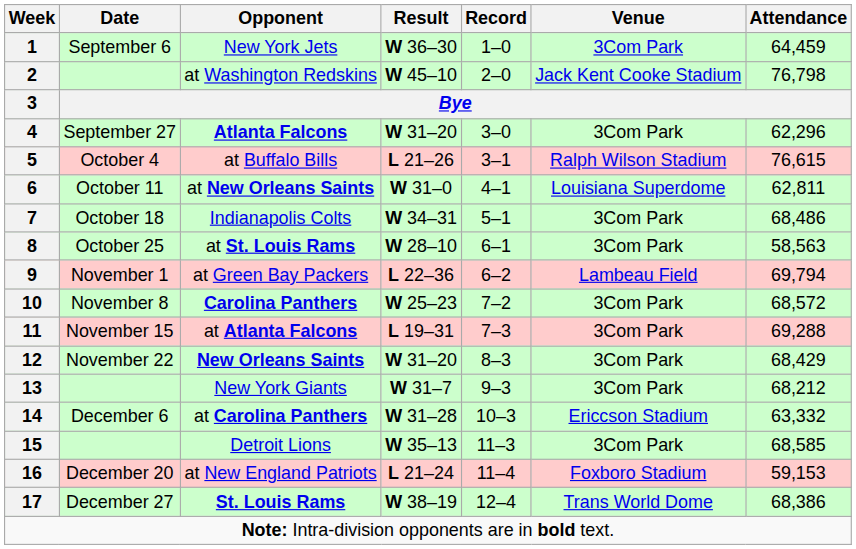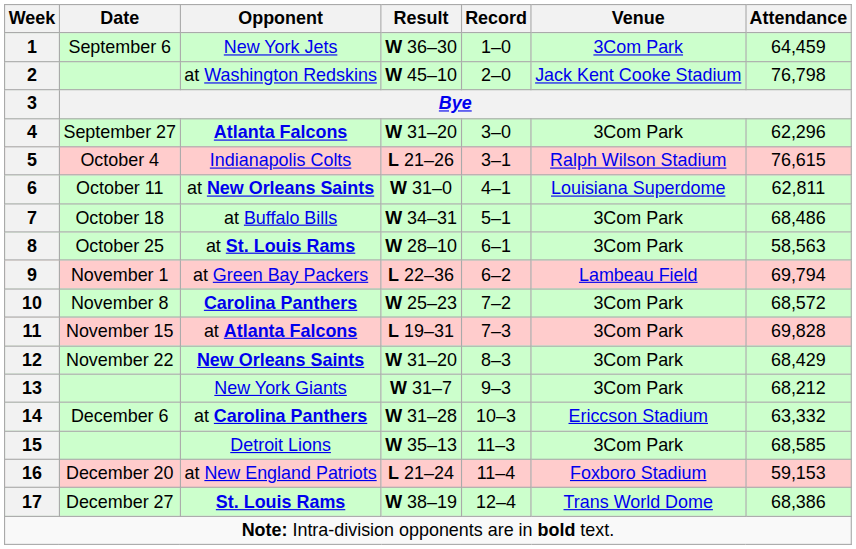 <table class="wikitable" style="text-align:center">
 <tr>
 <th>Week</th>
 <th>Date</th>
 <th>Opponent</th>
 <th>Result</th>
 <th>Record</th>
 <th>Venue</th>
 <th>Attendance</th>
 </tr>
 <tr style="background:#cfc">
 <th>1</th>
 <td>September 6</td>
 <td><a href='#'>New York Jets</a></td>
 <td><strong>W</strong> 36–30 </td>
 <td>1–0</td>
 <td><a href='#'>3Com Park</a></td>
 <td>64,459</td>
 </tr>
 <tr style="background:#cfc">
 <th>2</th>
 <td></td>
 <td>at <a href='#'>Washington Redskins</a></td>
 <td><strong>W</strong> 45–10</td>
 <td>2–0</td>
 <td><a href='#'>Jack Kent Cooke Stadium</a></td>
 <td>76,798</td>
 </tr>
 <tr>
 <th>3</th>
 <th colspan=6><em><a href='#'>Bye</a></em></th>
 </tr>
 <tr style="background:#cfc">
 <th>4</th>
 <td>September 27</td>
 <td><strong><a href='#'>Atlanta Falcons</a></strong></td>
 <td><strong>W</strong> 31–20</td>
 <td>3–0</td>
 <td>3Com Park</td>
 <td>62,296</td>
 </tr>
 <tr style="background:#fcc">
 <th>5</th>
 <td>October 4</td>
-<td>at <a href='#'>Buffalo Bills</a></td>
+<td><a href='#'>Indianapolis Colts</a></td>
 <td><strong>L</strong> 21–26</td>
 <td>3–1</td>
 <td><a href='#'>Ralph Wilson Stadium</a></td>
 <td>76,615</td>
 </tr>
 <tr style="background:#cfc">
 <th>6</th>
 <td>October 11</td>
 <td>at <strong><a href='#'>New Orleans Saints</a></strong></td>
 <td><strong>W</strong> 31–0</td>
 <td>4–1</td>
 <td><a href='#'>Louisiana Superdome</a></td>
 <td>62,811</td>
 </tr>
 <tr style="background:#cfc">
 <th>7</th>
 <td>October 18</td>
-<td><a href='#'>Indianapolis Colts</a></td>
+<td>at <a href='#'>Buffalo Bills</a></td>
 <td><strong>W</strong> 34–31</td>
 <td>5–1</td>
 <td>3Com Park</td>
 <td>68,486</td>
 </tr>
 <tr style="background:#cfc">
 <th>8</th>
 <td>October 25</td>
 <td>at <strong><a href='#'>St. Louis Rams</a></strong></td>
 <td><strong>W</strong> 28–10</td>
 <td>6–1</td>
 <td>3Com Park</td>
 <td>58,563</td>
 </tr>
 <tr style="background:#fcc">
 <th>9</th>
 <td>November 1</td>
 <td>at <a href='#'>Green Bay Packers</a></td>
 <td><strong>L</strong> 22–36</td>
 <td>6–2</td>
 <td><a href='#'>Lambeau Field</a></td>
 <td>69,794</td>
 </tr>
 <tr style="background:#cfc">
 <th>10</th>
 <td>November 8</td>
 <td><strong><a href='#'>Carolina Panthers</a></strong></td>
 <td><strong>W</strong> 25–23</td>
 <td>7–2</td>
 <td>3Com Park</td>
 <td>68,572</td>
 </tr>
 <tr style="background:#fcc">
 <th>11</th>
 <td>November 15</td>
 <td>at <strong><a href='#'>Atlanta Falcons</a></strong></td>
 <td><strong>L</strong> 19–31</td>
 <td>7–3</td>
 <td>3Com Park</td>
-<td>69,288</td>
+<td>69,828</td>
 </tr>
 <tr style="background:#cfc">
 <th>12</th>
 <td>November 22</td>
 <td><strong><a href='#'>New Orleans Saints</a></strong></td>
 <td><strong>W</strong> 31–20</td>
 <td>8–3</td>
 <td>3Com Park</td>
 <td>68,429</td>
 </tr>
 <tr style="background:#cfc">
 <th>13</th>
 <td></td>
 <td><a href='#'>New York Giants</a></td>
 <td><strong>W</strong> 31–7</td>
 <td>9–3</td>
 <td>3Com Park</td>
 <td>68,212</td>
 </tr>
 <tr style="background:#cfc">
 <th>14</th>
 <td>December 6</td>
 <td>at <strong><a href='#'>Carolina Panthers</a></strong></td>
 <td><strong>W</strong> 31–28 </td>
 <td>10–3</td>
 <td><a href='#'>Ericcson Stadium</a></td>
 <td>63,332</td>
 </tr>
 <tr style="background:#cfc">
 <th>15</th>
 <td></td>
 <td><a href='#'>Detroit Lions</a></td>
 <td><strong>W</strong> 35–13</td>
 <td>11–3</td>
 <td>3Com Park</td>
 <td>68,585</td>
 </tr>
 <tr style="background:#fcc">
 <th>16</th>
 <td>December 20</td>
 <td>at <a href='#'>New England Patriots</a></td>
 <td><strong>L</strong> 21–24</td>
 <td>11–4</td>
 <td><a href='#'>Foxboro Stadium</a></td>
 <td>59,153</td>
 </tr>
 <tr style="background:#cfc">
 <th>17</th>
 <td>December 27</td>
 <td><strong><a href='#'>St. Louis Rams</a></strong></td>
 <td><strong>W</strong> 38–19</td>
 <td>12–4</td>
 <td><a href='#'>Trans World Dome</a></td>
 <td>68,386</td>
 </tr>
 <tr>
 <td colspan="8"><strong>Note:</strong> Intra-division opponents are in <strong>bold</strong> text.</td>
 </tr>
 </table>
